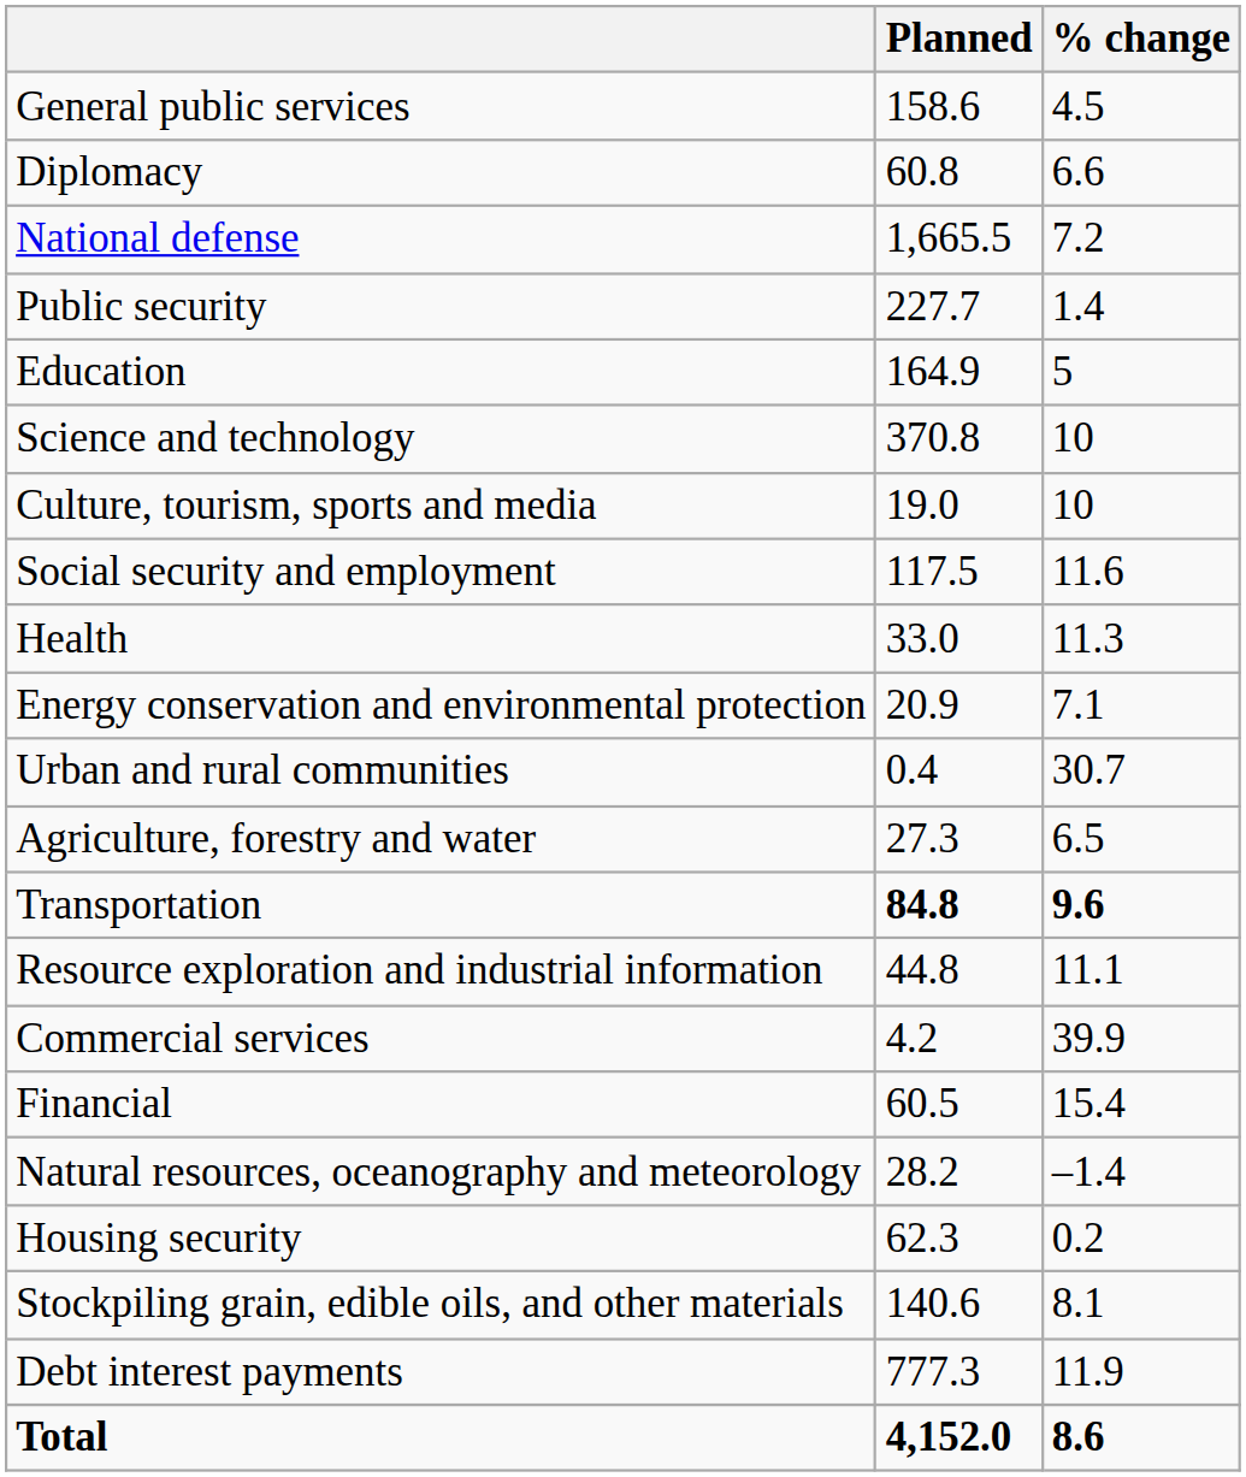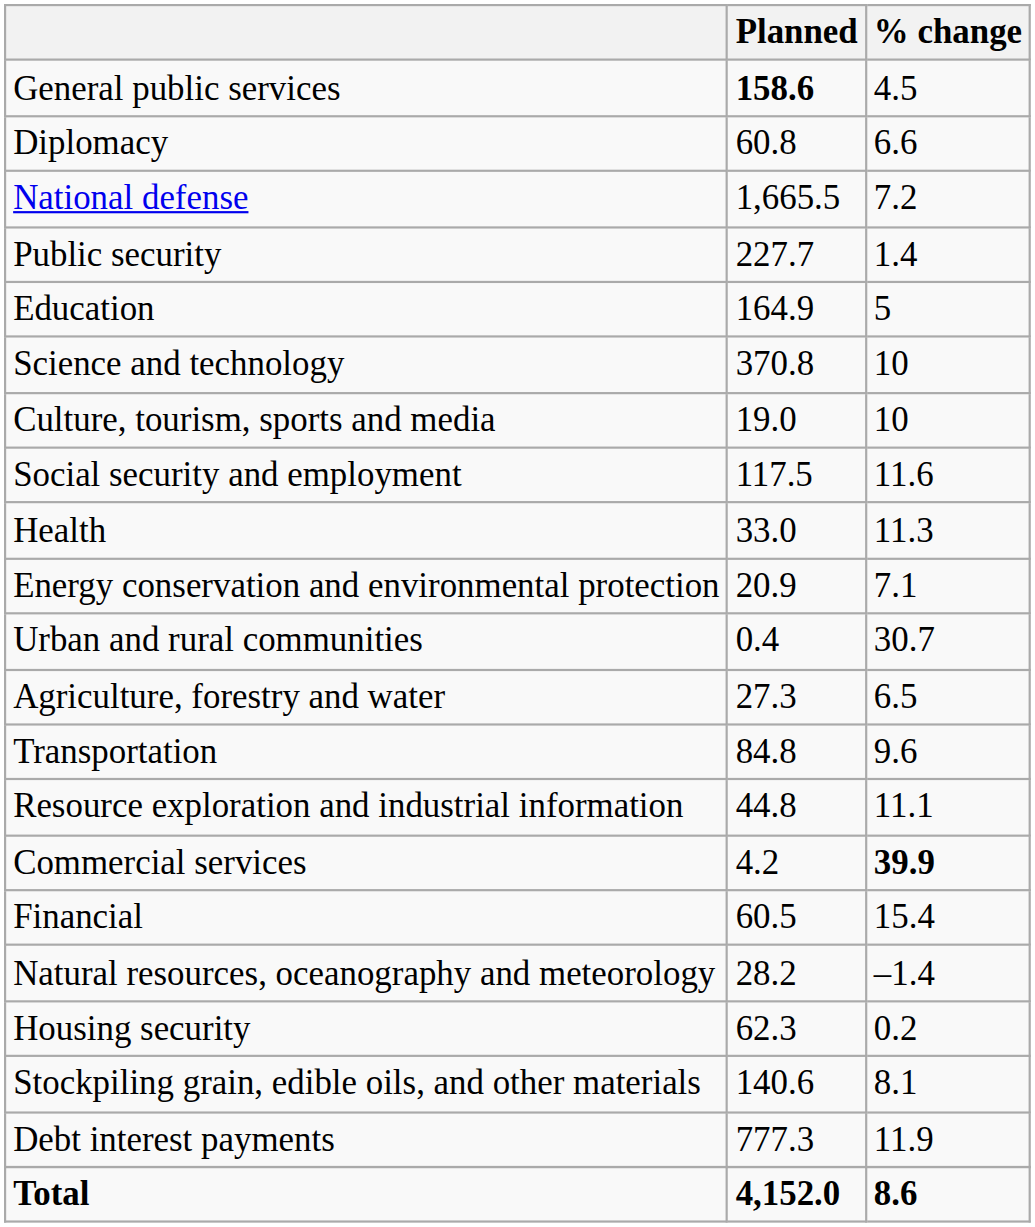 <table class="wikitable sortable">
 <tr>
 <th></th>
 <th>Planned</th>
 <th>% change</th>
 </tr>
 <tr>
 <td>General public services</td>
-<td>158.6</td>
+<td><strong>158.6</strong></td>
 <td>4.5</td>
 </tr>
 <tr>
 <td>Diplomacy</td>
 <td>60.8</td>
 <td>6.6</td>
 </tr>
 <tr>
 <td><a href='#'>National defense</a></td>
 <td>1,665.5</td>
 <td>7.2</td>
 </tr>
 <tr>
 <td>Public security</td>
 <td>227.7</td>
 <td>1.4</td>
 </tr>
 <tr>
 <td>Education</td>
 <td>164.9</td>
 <td>5</td>
 </tr>
 <tr>
 <td>Science and technology</td>
 <td>370.8</td>
 <td>10</td>
 </tr>
 <tr>
 <td>Culture, tourism, sports and media</td>
 <td>19.0</td>
 <td>10</td>
 </tr>
 <tr>
 <td>Social security and employment</td>
 <td>117.5</td>
 <td>11.6</td>
 </tr>
 <tr>
 <td>Health</td>
 <td>33.0</td>
 <td>11.3</td>
 </tr>
 <tr>
 <td>Energy conservation and environmental protection</td>
 <td>20.9</td>
 <td>7.1</td>
 </tr>
 <tr>
 <td>Urban and rural communities</td>
 <td>0.4</td>
 <td>30.7</td>
 </tr>
 <tr>
 <td>Agriculture, forestry and water</td>
 <td>27.3</td>
 <td>6.5</td>
 </tr>
 <tr>
 <td>Transportation</td>
-<td><strong>84.8</strong></td>
-<td><strong>9.6</strong></td>
+<td>84.8</td>
+<td>9.6</td>
 </tr>
 <tr>
 <td>Resource exploration and industrial information</td>
 <td>44.8</td>
 <td>11.1</td>
 </tr>
 <tr>
 <td>Commercial services</td>
 <td>4.2</td>
-<td>39.9</td>
+<td><strong>39.9</strong></td>
 </tr>
 <tr>
 <td>Financial</td>
 <td>60.5</td>
 <td>15.4</td>
 </tr>
 <tr>
 <td>Natural resources, oceanography and meteorology</td>
 <td>28.2</td>
 <td>–1.4</td>
 </tr>
 <tr>
 <td>Housing security</td>
 <td>62.3</td>
 <td>0.2</td>
 </tr>
 <tr>
 <td>Stockpiling grain, edible oils, and other materials</td>
 <td>140.6</td>
 <td>8.1</td>
 </tr>
 <tr>
 <td>Debt interest payments</td>
 <td>777.3</td>
 <td>11.9</td>
 </tr>
 <tr>
 </tr>
 <tr class="sortbottom">
 <td><strong>Total</strong></td>
 <td><strong>4,152.0</strong></td>
 <td><strong>8.6</strong></td>
 </tr>
 </table>
